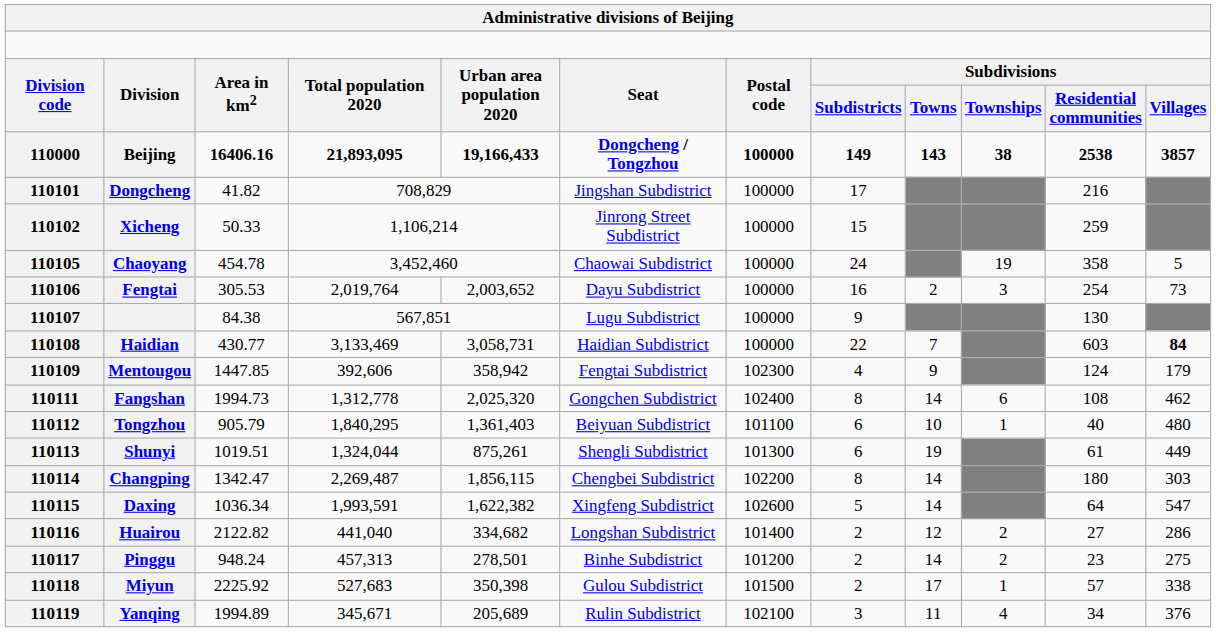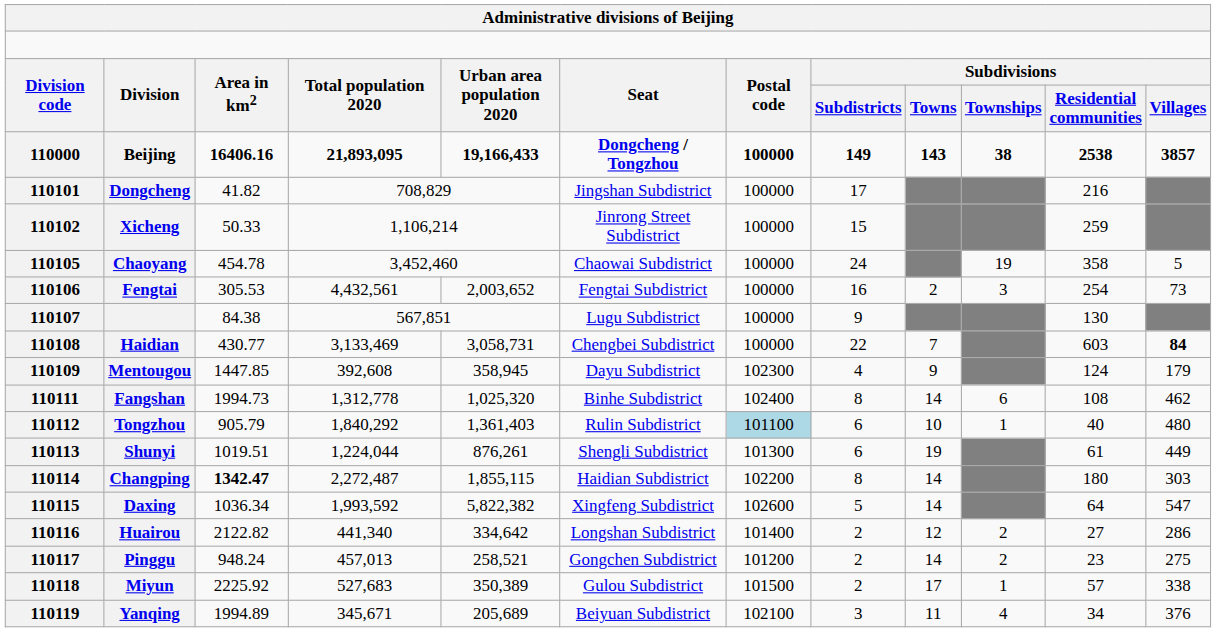 <table class="wikitable" style="margin:1em auto 1em auto; width:90%; text-align:center">
 <tr>
 <th colspan="14"><strong>Administrative divisions of Beijing</strong></th>
 </tr>
 <tr>
 <td colspan="14"><div><br>                  </div></td>
 </tr>
 <tr>
 <th ! scope="col" rowspan=2><a href='#'>Division code</a></th>
 <th ! scope="col" rowspan=2>Division</th>
 <th ! scope="col" rowspan=2>Area in km<sup>2</sup></th>
 <th ! scope="col" rowspan=2>Total population 2020</th>
 <th ! scope="col" rowspan=2>Urban area<br>population 2020</th>
 <th ! scope="col" rowspan=2>Seat</th>
 <th ! scope="col" rowspan=2>Postal code</th>
 <th ! scope="col" colspan=8>Subdivisions</th>
 </tr>
 <tr>
 <th ! scope="col" style="width:45px;"><a href='#'>Subdistricts</a></th>
 <th ! scope="col" style="width:45px;"><a href='#'>Towns</a></th>
 <th ! scope="col" style="width:45px;"><a href='#'>Townships</a><br></th>
 <th ! scope="col" style="width:45px;"><a href='#'>Residential communities</a></th>
 <th ! scope="col" style="width:45px;"><a href='#'>Villages</a></th>
 </tr>
 <tr style="font-weight: bold">
 <th>110000</th>
 <th>Beijing</th>
 <td>16406.16</td>
 <td>21,893,095</td>
 <td>19,166,433</td>
 <td><a href='#'>Dongcheng</a> / <a href='#'>Tongzhou</a></td>
 <td>100000</td>
 <td>149</td>
 <td>143</td>
 <td>38</td>
 <td>2538</td>
 <td>3857</td>
 </tr>
 <tr>
 <th>110101</th>
 <th><a href='#'>Dongcheng</a></th>
 <td>41.82</td>
 <td colspan="2">708,829</td>
 <td><a href='#'>Jingshan Subdistrict</a></td>
 <td>100000</td>
 <td>17</td>
 <td style="background:gray;"> </td>
 <td style="background:gray;"> </td>
 <td>216</td>
 <td style="background:gray;"> </td>
 </tr>
 <tr>
 <th>110102</th>
 <th><a href='#'>Xicheng</a></th>
 <td>50.33</td>
 <td colspan="2">1,106,214</td>
 <td><a href='#'>Jinrong Street Subdistrict</a></td>
 <td>100000</td>
 <td>15</td>
 <td style="background:gray;"> </td>
 <td style="background:gray;"> </td>
 <td>259</td>
 <td style="background:gray;"> </td>
 </tr>
 <tr>
 <th>110105</th>
 <th><a href='#'>Chaoyang</a></th>
 <td>454.78</td>
 <td colspan="2">3,452,460</td>
 <td><a href='#'>Chaowai Subdistrict</a></td>
 <td>100000</td>
 <td>24</td>
 <td style="background:gray;"> </td>
 <td>19</td>
 <td>358</td>
 <td>5</td>
 </tr>
 <tr>
 <th>110106</th>
 <th><a href='#'>Fengtai</a></th>
 <td>305.53</td>
-<td>2,019,764</td>
+<td>4,432,561</td>
 <td>2,003,652</td>
-<td><a href='#'>Dayu Subdistrict</a></td>
+<td><a href='#'>Fengtai Subdistrict</a></td>
 <td>100000</td>
 <td>16</td>
 <td>2</td>
 <td>3</td>
 <td>254</td>
 <td>73</td>
 </tr>
 <tr>
 <th>110107</th>
 <th></th>
 <td>84.38</td>
 <td colspan="2">567,851</td>
 <td><a href='#'>Lugu Subdistrict</a></td>
 <td>100000</td>
 <td>9</td>
 <td style="background:gray;"> </td>
 <td style="background:gray;"> </td>
 <td>130</td>
 <td style="background:gray;"> </td>
 </tr>
 <tr>
 <th>110108</th>
 <th><a href='#'>Haidian</a></th>
 <td>430.77</td>
 <td>3,133,469</td>
 <td>3,058,731</td>
-<td><a href='#'>Haidian Subdistrict</a></td>
+<td><a href='#'>Chengbei Subdistrict</a></td>
 <td>100000</td>
 <td>22</td>
 <td>7</td>
 <td style="background:gray;"> </td>
 <td>603</td>
 <td><strong>84</strong></td>
 </tr>
 <tr>
 <th>110109</th>
 <th><a href='#'>Mentougou</a></th>
 <td>1447.85</td>
-<td>392,606</td>
-<td>358,942</td>
-<td><a href='#'>Fengtai Subdistrict</a></td>
+<td>392,608</td>
+<td>358,945</td>
+<td><a href='#'>Dayu Subdistrict</a></td>
 <td>102300</td>
 <td>4</td>
 <td>9</td>
 <td style="background:gray;"> </td>
 <td>124</td>
 <td>179</td>
 </tr>
 <tr>
 <th>110111</th>
 <th><a href='#'>Fangshan</a></th>
 <td>1994.73</td>
 <td>1,312,778</td>
-<td>2,025,320</td>
-<td><a href='#'>Gongchen Subdistrict</a></td>
+<td>1,025,320</td>
+<td><a href='#'>Binhe Subdistrict</a></td>
 <td>102400</td>
 <td>8</td>
 <td>14</td>
 <td>6</td>
 <td>108</td>
 <td>462</td>
 </tr>
 <tr>
 <th>110112</th>
 <th><a href='#'>Tongzhou</a></th>
 <td>905.79</td>
-<td>1,840,295</td>
+<td>1,840,292</td>
 <td>1,361,403</td>
-<td><a href='#'>Beiyuan Subdistrict</a></td>
-<td>101100</td>
+<td><a href='#'>Rulin Subdistrict</a></td>
+<td style="background: lightblue;">101100</td>
 <td>6</td>
 <td>10</td>
 <td>1</td>
 <td>40</td>
 <td>480</td>
 </tr>
 <tr>
 <th>110113</th>
 <th><a href='#'>Shunyi</a></th>
 <td>1019.51</td>
-<td>1,324,044</td>
-<td>875,261</td>
+<td>1,224,044</td>
+<td>876,261</td>
 <td><a href='#'>Shengli Subdistrict</a></td>
 <td>101300</td>
 <td>6</td>
 <td>19</td>
 <td style="background:gray;"> </td>
 <td>61</td>
 <td>449</td>
 </tr>
 <tr>
 <th>110114</th>
 <th><a href='#'>Changping</a></th>
-<td>1342.47</td>
-<td>2,269,487</td>
-<td>1,856,115</td>
-<td><a href='#'>Chengbei Subdistrict</a></td>
+<td><strong>1342.47</strong></td>
+<td>2,272,487</td>
+<td>1,855,115</td>
+<td><a href='#'>Haidian Subdistrict</a></td>
 <td>102200</td>
 <td>8</td>
 <td>14</td>
 <td style="background:gray;"> </td>
 <td>180</td>
 <td>303</td>
 </tr>
 <tr>
 <th>110115</th>
 <th><a href='#'>Daxing</a></th>
 <td>1036.34</td>
-<td>1,993,591</td>
-<td>1,622,382</td>
+<td>1,993,592</td>
+<td>5,822,382</td>
 <td><a href='#'>Xingfeng Subdistrict</a></td>
 <td>102600</td>
 <td>5</td>
 <td>14</td>
 <td style="background:gray;"> </td>
 <td>64</td>
 <td>547</td>
 </tr>
 <tr>
 <th>110116</th>
 <th><a href='#'>Huairou</a></th>
 <td>2122.82</td>
-<td>441,040</td>
-<td>334,682</td>
+<td>441,340</td>
+<td>334,642</td>
 <td><a href='#'>Longshan Subdistrict</a></td>
 <td>101400</td>
 <td>2</td>
 <td>12</td>
 <td>2</td>
 <td>27</td>
 <td>286</td>
 </tr>
 <tr>
 <th>110117</th>
 <th><a href='#'>Pinggu</a></th>
 <td>948.24</td>
-<td>457,313</td>
-<td>278,501</td>
-<td><a href='#'>Binhe Subdistrict</a></td>
+<td>457,013</td>
+<td>258,521</td>
+<td><a href='#'>Gongchen Subdistrict</a></td>
 <td>101200</td>
 <td>2</td>
 <td>14</td>
 <td>2</td>
 <td>23</td>
 <td>275</td>
 </tr>
 <tr>
 <th>110118</th>
 <th><a href='#'>Miyun</a></th>
 <td>2225.92</td>
 <td>527,683</td>
-<td>350,398</td>
+<td>350,389</td>
 <td><a href='#'>Gulou Subdistrict</a></td>
 <td>101500</td>
 <td>2</td>
 <td>17</td>
 <td>1</td>
 <td>57</td>
 <td>338</td>
 </tr>
 <tr>
 <th>110119</th>
 <th><a href='#'>Yanqing</a></th>
 <td>1994.89</td>
 <td>345,671</td>
 <td>205,689</td>
-<td><a href='#'>Rulin Subdistrict</a></td>
+<td><a href='#'>Beiyuan Subdistrict</a></td>
 <td>102100</td>
 <td>3</td>
 <td>11</td>
 <td>4</td>
 <td>34</td>
 <td>376</td>
 </tr>
 </table>
